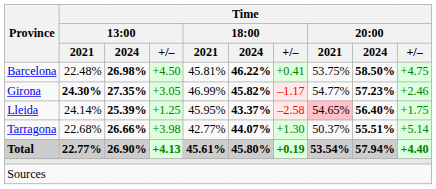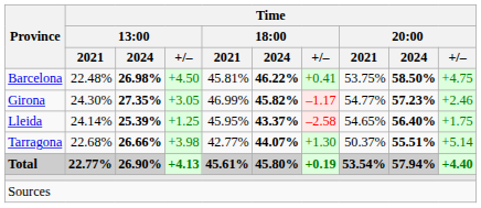 <table class="wikitable sortable" style="text-align:right;">
 <tr>
 <th rowspan="3">Province</th>
 <th colspan="9">Time</th>
 </tr>
 <tr>
 <th colspan="3">13:00</th>
 <th colspan="3">18:00</th>
 <th colspan="3">20:00</th>
 </tr>
 <tr>
 <th>2021</th>
 <th>2024</th>
 <th>+/–</th>
 <th>2021</th>
 <th>2024</th>
 <th>+/–</th>
 <th>2021</th>
 <th>2024</th>
 <th>+/–</th>
 </tr>
 <tr>
 <td align="left"><a href='#'>Barcelona</a></td>
 <td>22.48%</td>
 <td><strong>26.98%</strong></td>
 <td style="background:#DDFFDD; color:green;">+4.50</td>
 <td>45.81%</td>
 <td><strong>46.22%</strong></td>
 <td style="background:#DDFFDD; color:green;">+0.41</td>
 <td>53.75%</td>
 <td><strong>58.50%</strong></td>
 <td style="background:#DDFFDD; color:green;">+4.75</td>
 </tr>
 <tr>
 <td align="left"><a href='#'>Girona</a></td>
-<td><strong>24.30%</strong></td>
+<td>24.30%</td>
 <td><strong>27.35%</strong></td>
 <td style="background:#DDFFDD; color:green;">+3.05</td>
 <td>46.99%</td>
 <td><strong>45.82%</strong></td>
 <td style="background:#FFE8E8; color:red;">–1.17</td>
 <td>54.77%</td>
 <td><strong>57.23%</strong></td>
 <td style="background:#DDFFDD; color:green;">+2.46</td>
 </tr>
 <tr>
 <td align="left"><a href='#'>Lleida</a></td>
 <td>24.14%</td>
 <td><strong>25.39%</strong></td>
 <td style="background:#DDFFDD; color:green;">+1.25</td>
 <td>45.95%</td>
 <td><strong>43.37%</strong></td>
 <td style="background:#FFE8E8; color:red;">–2.58</td>
-<td style="background: pink;">54.65%</td>
+<td>54.65%</td>
 <td><strong>56.40%</strong></td>
 <td style="background:#DDFFDD; color:green;">+1.75</td>
 </tr>
 <tr>
 <td align="left"><a href='#'>Tarragona</a></td>
 <td>22.68%</td>
 <td><strong>26.66%</strong></td>
 <td style="background:#DDFFDD; color:green;">+3.98</td>
 <td>42.77%</td>
 <td><strong>44.07%</strong></td>
 <td style="background:#DDFFDD; color:green;">+1.30</td>
 <td>50.37%</td>
 <td><strong>55.51%</strong></td>
 <td style="background:#DDFFDD; color:green;">+5.14</td>
 </tr>
 <tr style="background:#CDCDCD;">
 <td align="left"><strong>Total</strong></td>
 <td><strong>22.77%</strong></td>
 <td><strong>26.90%</strong></td>
 <td style="background:#DDFFDD; color:green;"><strong>+4.13</strong></td>
 <td><strong>45.61%</strong></td>
 <td><strong>45.80%</strong></td>
 <td style="background:#DDFFDD; color:green;"><strong>+0.19</strong></td>
 <td><strong>53.54%</strong></td>
 <td><strong>57.94%</strong></td>
 <td style="background:#DDFFDD; color:green;"><strong>+4.40</strong></td>
 </tr>
 <tr>
 <td colspan="10" bgcolor="#E9E9E9"></td>
 </tr>
 <tr>
 <td align="left" colspan="10">Sources</td>
 </tr>
 </table>
